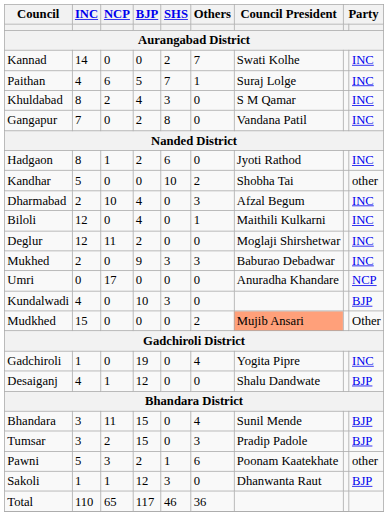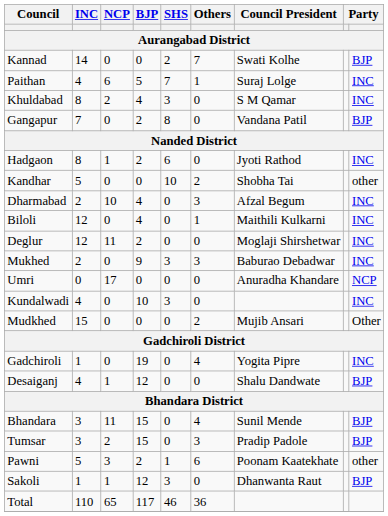 <table class="wikitable sortable">
 <tr>
 <th>Council</th>
 <th><a href='#'>INC</a></th>
 <th><a href='#'>NCP</a></th>
 <th><a href='#'>BJP</a></th>
 <th><a href='#'>SHS</a></th>
 <th>Others</th>
 <th>Council President</th>
 <th colspan="2">Party</th>
 </tr>
 <tr>
 <th></th>
 <th></th>
 <th></th>
 <th></th>
 <th></th>
 <th></th>
 <th></th>
 <th></th>
 <th></th>
 </tr>
 <tr>
 <th colspan="9">Aurangabad District</th>
 </tr>
 <tr>
 <td>Kannad</td>
 <td>14</td>
 <td>0</td>
 <td>0</td>
 <td>2</td>
 <td>7</td>
 <td>Swati Kolhe</td>
 <td style="background-color: "></td>
-<td><a href='#'>INC</a></td>
+<td><a href='#'>BJP</a></td>
 </tr>
 <tr>
 <td>Paithan</td>
 <td>4</td>
 <td>6</td>
 <td>5</td>
 <td>7</td>
 <td>1</td>
 <td>Suraj Lolge</td>
 <td style="background-color:"></td>
 <td><a href='#'>INC</a></td>
 </tr>
 <tr>
 <td>Khuldabad</td>
 <td>8</td>
 <td>2</td>
 <td>4</td>
 <td>3</td>
 <td>0</td>
 <td>S M Qamar</td>
 <td style="background-color: "></td>
 <td><a href='#'>INC</a></td>
 </tr>
 <tr>
 <td>Gangapur</td>
 <td>7</td>
 <td>0</td>
 <td>2</td>
 <td>8</td>
 <td>0</td>
 <td>Vandana Patil</td>
 <td style="background-color:"></td>
-<td><a href='#'>INC</a></td>
+<td><a href='#'>BJP</a></td>
 </tr>
 <tr>
 <th colspan="9">Nanded District</th>
 </tr>
 <tr>
 <td>Hadgaon</td>
 <td>8</td>
 <td>1</td>
 <td>2</td>
 <td>6</td>
 <td>0</td>
 <td>Jyoti Rathod</td>
 <td style="background-color: "></td>
 <td><a href='#'>INC</a></td>
 </tr>
 <tr>
 <td>Kandhar</td>
 <td>5</td>
 <td>0</td>
 <td>0</td>
 <td>10</td>
 <td>2</td>
 <td>Shobha Tai</td>
 <td style="background-color: "></td>
 <td>other</td>
 </tr>
 <tr>
 <td>Dharmabad</td>
 <td>2</td>
 <td>10</td>
 <td>4</td>
 <td>0</td>
 <td>3</td>
 <td>Afzal Begum</td>
 <td style="background-color: "></td>
 <td><a href='#'>INC</a></td>
 </tr>
 <tr>
 <td>Biloli</td>
 <td>12</td>
 <td>0</td>
 <td>4</td>
 <td>0</td>
 <td>1</td>
 <td>Maithili Kulkarni</td>
 <td style="background-color: "></td>
 <td><a href='#'>INC</a></td>
 </tr>
 <tr>
 <td>Deglur</td>
 <td>12</td>
 <td>11</td>
 <td>2</td>
 <td>0</td>
 <td>0</td>
 <td>Moglaji Shirshetwar</td>
 <td style="background-color: "></td>
 <td><a href='#'>INC</a></td>
 </tr>
 <tr>
 <td>Mukhed</td>
 <td>2</td>
 <td>0</td>
 <td>9</td>
 <td>3</td>
 <td>3</td>
 <td>Baburao Debadwar</td>
 <td style="background-color: "></td>
 <td><a href='#'>INC</a></td>
 </tr>
 <tr>
 <td>Umri</td>
 <td>0</td>
 <td>17</td>
 <td>0</td>
 <td>0</td>
 <td>0</td>
 <td>Anuradha Khandare</td>
 <td style="background-color: "></td>
 <td><a href='#'>NCP</a></td>
 </tr>
 <tr>
 <td>Kundalwadi</td>
 <td>4</td>
 <td>0</td>
 <td>10</td>
 <td>3</td>
 <td>0</td>
 <td></td>
 <td style="background-color:"></td>
-<td><a href='#'>BJP</a></td>
+<td><a href='#'>INC</a></td>
 </tr>
 <tr>
 <td>Mudkhed</td>
 <td>15</td>
 <td>0</td>
 <td>0</td>
 <td>0</td>
 <td>2</td>
-<td style="background: lightsalmon;">Mujib Ansari</td>
+<td>Mujib Ansari</td>
 <td></td>
 <td>Other</td>
 </tr>
 <tr>
 <th colspan="9">Gadchiroli District</th>
 </tr>
 <tr>
 <td>Gadchiroli</td>
 <td>1</td>
 <td>0</td>
 <td>19</td>
 <td>0</td>
 <td>4</td>
 <td>Yogita Pipre</td>
 <td style="background-color:"></td>
 <td><a href='#'>INC</a></td>
 </tr>
 <tr>
 <td>Desaiganj</td>
 <td>4</td>
 <td>1</td>
 <td>12</td>
 <td>0</td>
 <td>0</td>
 <td>Shalu Dandwate</td>
 <td style="background-color:"></td>
 <td><a href='#'>BJP</a></td>
 </tr>
 <tr>
 <th colspan="9">Bhandara District</th>
 </tr>
 <tr>
 <td>Bhandara</td>
 <td>3</td>
 <td>11</td>
 <td>15</td>
 <td>0</td>
 <td>4</td>
 <td>Sunil Mende</td>
 <td style="background-color:"></td>
 <td><a href='#'>BJP</a></td>
 </tr>
 <tr>
 <td>Tumsar</td>
 <td>3</td>
 <td>2</td>
 <td>15</td>
 <td>0</td>
 <td>3</td>
 <td>Pradip Padole</td>
 <td style="background-color:"></td>
 <td><a href='#'>BJP</a></td>
 </tr>
 <tr>
 <td>Pawni</td>
 <td>5</td>
 <td>3</td>
 <td>2</td>
 <td>1</td>
 <td>6</td>
 <td>Poonam Kaatekhate</td>
 <td></td>
 <td>other</td>
 </tr>
 <tr>
 <td>Sakoli</td>
 <td>1</td>
 <td>1</td>
 <td>12</td>
 <td>3</td>
 <td>0</td>
 <td>Dhanwanta Raut</td>
 <td style="background-color:"></td>
 <td><a href='#'>BJP</a></td>
 </tr>
 <tr>
 <td>Total</td>
 <td>110</td>
 <td>65</td>
 <td>117</td>
 <td>46</td>
 <td>36</td>
 <td></td>
 <td></td>
 <td></td>
 </tr>
 <tr>
 </tr>
 </table>
